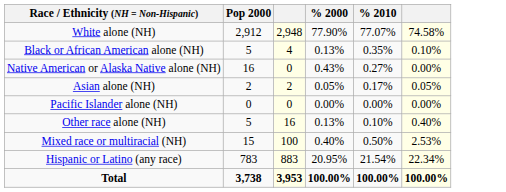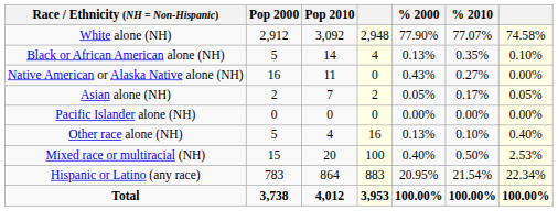 <table class="wikitable" style="text-align:center;">
 <tr>
 <th>Race / Ethnicity <small>(<em>NH = Non-Hispanic</em>)</small></th>
 <th>Pop 2000</th>
+<th>Pop 2010</th>
 <th></th>
 <th>% 2000</th>
 <th>% 2010</th>
 <th></th>
 </tr>
 <tr>
 <td><a href='#'>White</a> alone (NH)</td>
 <td>2,912</td>
+<td>3,092</td>
 <td style='background: #ffffe6;'>2,948</td>
 <td>77.90%</td>
 <td>77.07%</td>
 <td style='background: #ffffe6;'>74.58%</td>
 </tr>
 <tr>
 <td><a href='#'>Black or African American</a> alone (NH)</td>
 <td>5</td>
+<td>14</td>
 <td style='background: #ffffe6;'>4</td>
 <td>0.13%</td>
 <td>0.35%</td>
 <td style='background: #ffffe6;'>0.10%</td>
 </tr>
 <tr>
 <td><a href='#'>Native American</a> or <a href='#'>Alaska Native</a> alone (NH)</td>
 <td>16</td>
+<td>11</td>
 <td style='background: #ffffe6;'>0</td>
 <td>0.43%</td>
 <td>0.27%</td>
 <td style='background: #ffffe6;'>0.00%</td>
 </tr>
 <tr>
 <td><a href='#'>Asian</a> alone (NH)</td>
 <td>2</td>
+<td>7</td>
 <td style='background: #ffffe6;'>2</td>
 <td>0.05%</td>
 <td>0.17%</td>
 <td style='background: #ffffe6;'>0.05%</td>
 </tr>
 <tr>
 <td><a href='#'>Pacific Islander</a> alone (NH)</td>
+<td>0</td>
 <td>0</td>
 <td style='background: #ffffe6;'>0</td>
 <td>0.00%</td>
 <td>0.00%</td>
 <td style='background: #ffffe6;'>0.00%</td>
 </tr>
 <tr>
 <td><a href='#'>Other race</a> alone (NH)</td>
 <td>5</td>
+<td>4</td>
 <td style='background: #ffffe6;'>16</td>
 <td>0.13%</td>
 <td>0.10%</td>
 <td style='background: #ffffe6;'>0.40%</td>
 </tr>
 <tr>
 <td><a href='#'>Mixed race or multiracial</a> (NH)</td>
 <td>15</td>
+<td>20</td>
 <td style='background: #ffffe6;'>100</td>
 <td>0.40%</td>
 <td>0.50%</td>
 <td style='background: #ffffe6;'>2.53%</td>
 </tr>
 <tr>
 <td><a href='#'>Hispanic or Latino</a> (any race)</td>
 <td>783</td>
+<td>864</td>
 <td style='background: #ffffe6;'>883</td>
 <td>20.95%</td>
 <td>21.54%</td>
 <td style='background: #ffffe6;'>22.34%</td>
 </tr>
 <tr>
 <td><strong>Total</strong></td>
 <td><strong>3,738</strong></td>
+<td><strong>4,012</strong></td>
 <td style='background: #ffffe6;'><strong>3,953</strong></td>
 <td><strong>100.00%</strong></td>
 <td><strong>100.00%</strong></td>
 <td style='background: #ffffe6;'><strong>100.00%</strong></td>
 </tr>
 </table>
